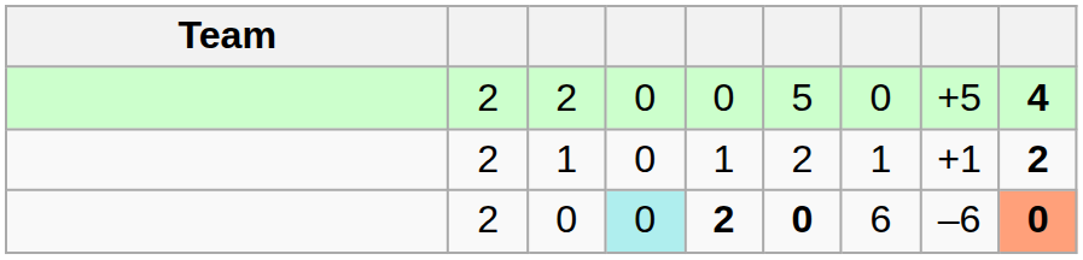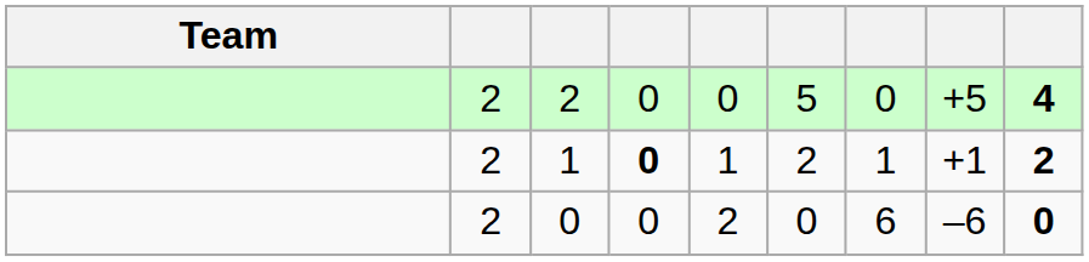 <table class="wikitable" style="text-align:center">
 <tr>
 <th width=175>Team</th>
 <th width=25></th>
 <th width=25></th>
 <th width=25></th>
 <th width=25></th>
 <th width=25></th>
 <th width=25></th>
 <th width=25></th>
 <th width=25></th>
 </tr>
 <tr align=center bgcolor=#ccffcc>
 <td align=left></td>
 <td>2</td>
 <td>2</td>
 <td>0</td>
 <td>0</td>
 <td>5</td>
 <td>0</td>
 <td>+5</td>
 <td><strong>4</strong></td>
 </tr>
 <tr>
 <td align=left></td>
 <td>2</td>
 <td>1</td>
-<td>0</td>
+<td><strong>0</strong></td>
 <td>1</td>
 <td>2</td>
 <td>1</td>
 <td>+1</td>
 <td><strong>2</strong></td>
 </tr>
 <tr>
 <td align=left></td>
 <td>2</td>
 <td>0</td>
-<td style="background: paleturquoise;">0</td>
-<td><strong>2</strong></td>
-<td><strong>0</strong></td>
+<td>0</td>
+<td>2</td>
+<td>0</td>
 <td>6</td>
 <td>–6</td>
-<td style="background: lightsalmon;"><strong>0</strong></td>
+<td><strong>0</strong></td>
 </tr>
 </table>
